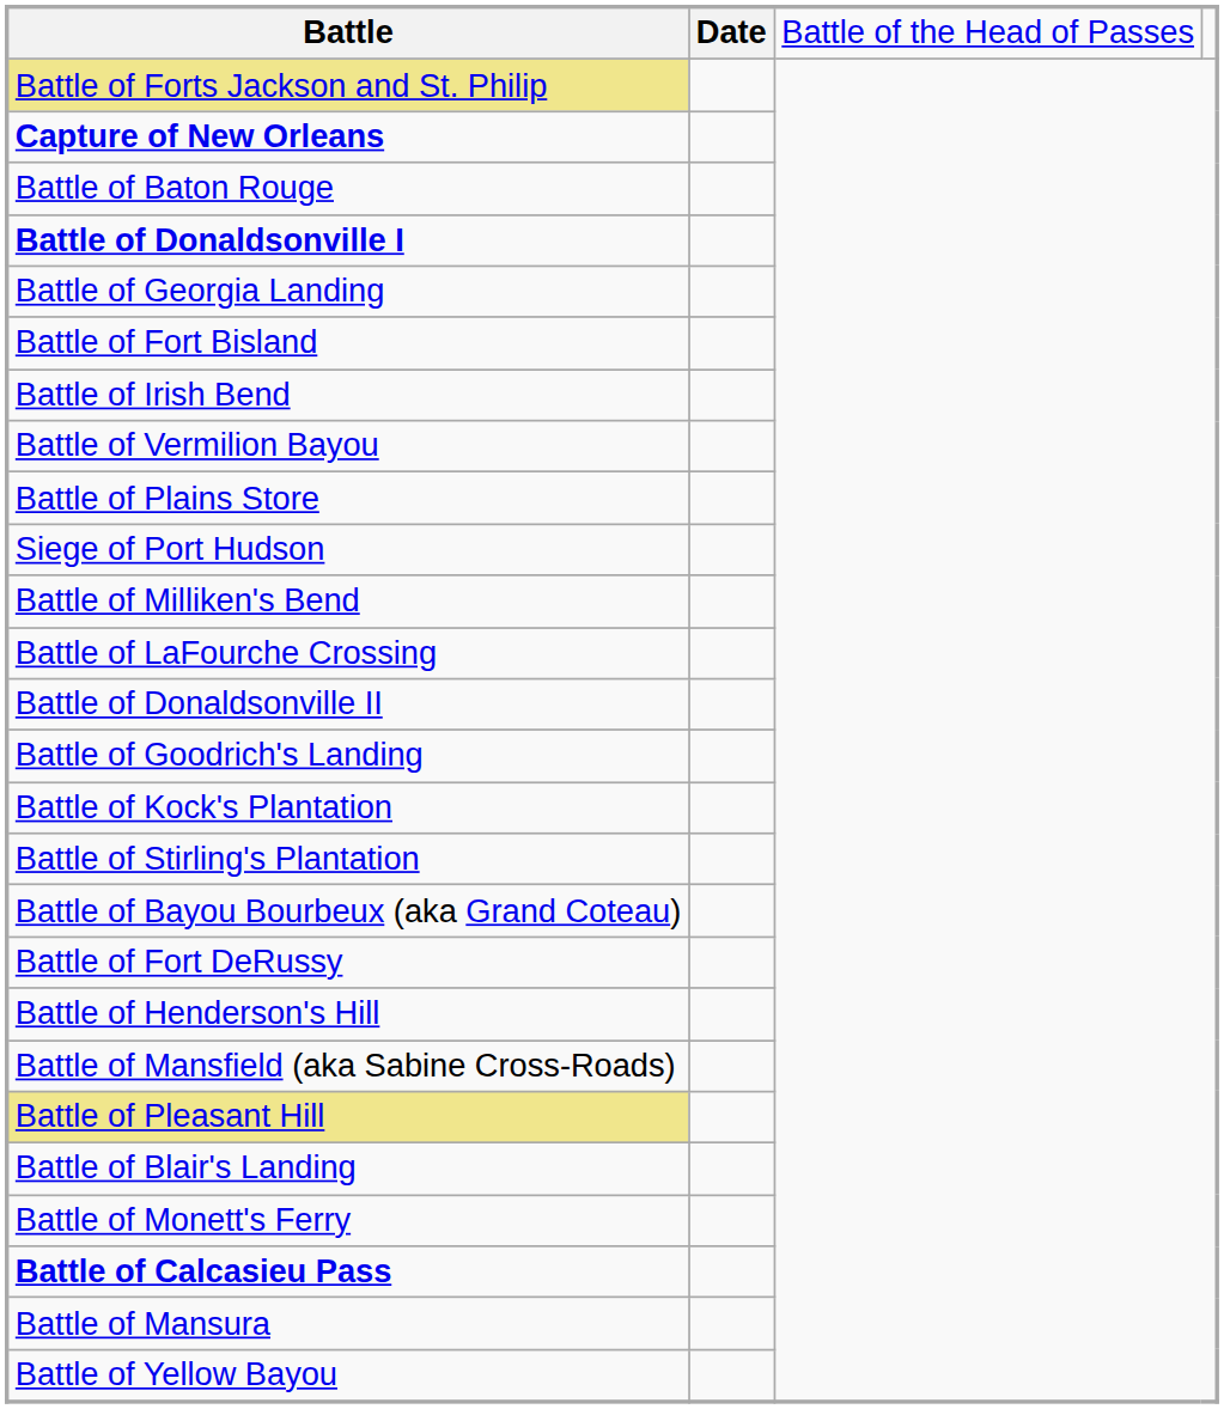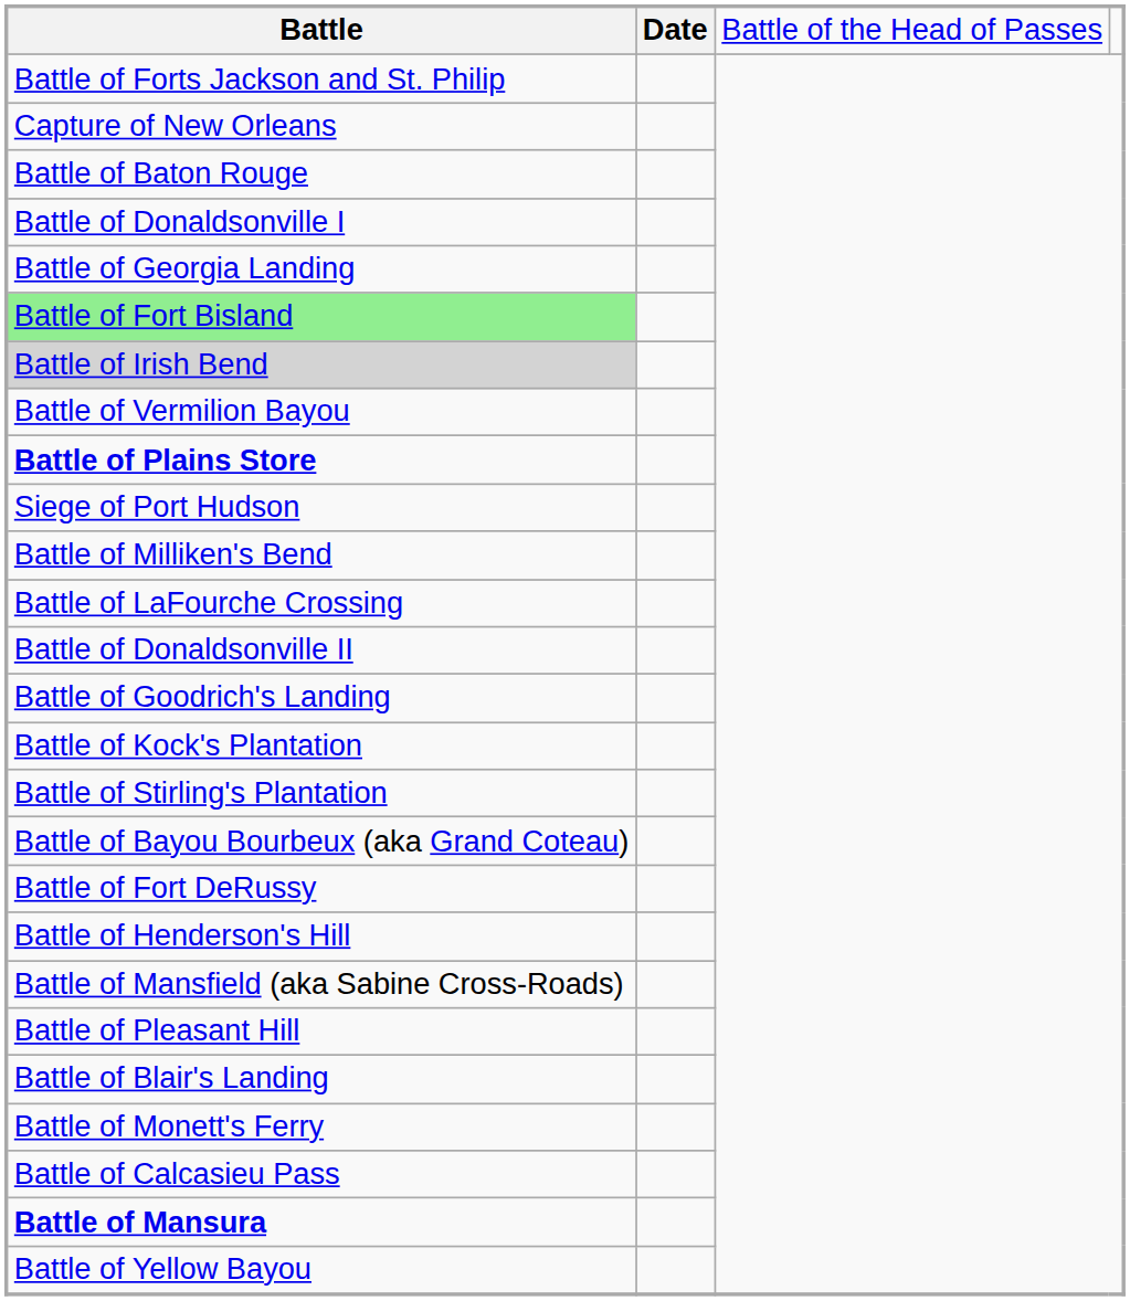 <table class="wikitable sortable" style="border:2px solid darkgrey;">
 <tr>
 <th>Battle</th>
 <th>Date<br></th>
 <td><a href='#'>Battle of the Head of Passes</a></td>
 <td></td>
 </tr>
 <tr>
-<td style="background: khaki;"><a href='#'>Battle of Forts Jackson and St. Philip</a></td>
+<td><a href='#'>Battle of Forts Jackson and St. Philip</a></td>
 <td></td>
 </tr>
 <tr>
-<td><strong><a href='#'>Capture of New Orleans</a></strong></td>
+<td><a href='#'>Capture of New Orleans</a></td>
 <td></td>
 </tr>
 <tr>
 <td><a href='#'>Battle of Baton Rouge</a></td>
 <td></td>
 </tr>
 <tr>
-<td><strong><a href='#'>Battle of Donaldsonville I</a></strong></td>
+<td><a href='#'>Battle of Donaldsonville I</a></td>
 <td></td>
 </tr>
 <tr>
 <td><a href='#'>Battle of Georgia Landing</a></td>
 <td></td>
 </tr>
 <tr>
-<td><a href='#'>Battle of Fort Bisland</a></td>
+<td style="background: lightgreen;"><a href='#'>Battle of Fort Bisland</a></td>
 <td></td>
 </tr>
 <tr>
-<td><a href='#'>Battle of Irish Bend</a></td>
+<td style="background: lightgrey;"><a href='#'>Battle of Irish Bend</a></td>
 <td></td>
 </tr>
 <tr>
 <td><a href='#'>Battle of Vermilion Bayou</a></td>
 <td></td>
 </tr>
 <tr>
-<td><a href='#'>Battle of Plains Store</a></td>
+<td><strong><a href='#'>Battle of Plains Store</a></strong></td>
 <td></td>
 </tr>
 <tr>
 <td><a href='#'>Siege of Port Hudson</a></td>
 <td></td>
 </tr>
 <tr>
 <td><a href='#'>Battle of Milliken's Bend</a></td>
 <td></td>
 </tr>
 <tr>
 <td><a href='#'>Battle of LaFourche Crossing</a></td>
 <td></td>
 </tr>
 <tr>
 <td><a href='#'>Battle of Donaldsonville II</a></td>
 <td></td>
 </tr>
 <tr>
 <td><a href='#'>Battle of Goodrich's Landing</a></td>
 <td></td>
 </tr>
 <tr>
 <td><a href='#'>Battle of Kock's Plantation</a></td>
 <td></td>
 </tr>
 <tr>
 <td><a href='#'>Battle of Stirling's Plantation</a></td>
 <td></td>
 </tr>
 <tr>
 <td><a href='#'>Battle of Bayou Bourbeux</a> (aka <a href='#'>Grand Coteau</a>)</td>
 <td></td>
 </tr>
 <tr>
 <td><a href='#'>Battle of Fort DeRussy</a></td>
 <td></td>
 </tr>
 <tr>
 <td><a href='#'>Battle of Henderson's Hill</a></td>
 <td></td>
 </tr>
 <tr>
 <td><a href='#'>Battle of Mansfield</a> (aka Sabine Cross-Roads)</td>
 <td></td>
 </tr>
 <tr>
-<td style="background: khaki;"><a href='#'>Battle of Pleasant Hill</a></td>
+<td><a href='#'>Battle of Pleasant Hill</a></td>
 <td></td>
 </tr>
 <tr>
 <td><a href='#'>Battle of Blair's Landing</a></td>
 <td></td>
 </tr>
 <tr>
 <td><a href='#'>Battle of Monett's Ferry</a></td>
 <td></td>
 </tr>
 <tr>
-<td><strong><a href='#'>Battle of Calcasieu Pass</a></strong></td>
+<td><a href='#'>Battle of Calcasieu Pass</a></td>
 <td></td>
 </tr>
 <tr>
-<td><a href='#'>Battle of Mansura</a></td>
+<td><strong><a href='#'>Battle of Mansura</a></strong></td>
 <td></td>
 </tr>
 <tr>
 <td><a href='#'>Battle of Yellow Bayou</a></td>
 <td></td>
 </tr>
 </table>
